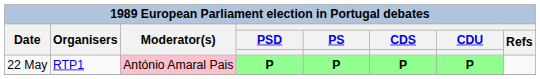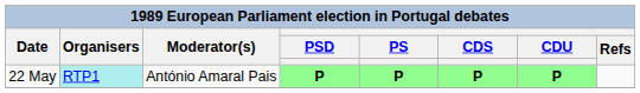 <table class="wikitable" style="font-size:98%; text-align:center;">
 <tr>
 <th style="background:#B0C4DE" colspan="18">1989 European Parliament election in Portugal debates</th>
 </tr>
 <tr>
 <th rowspan="3">Date</th>
 <th rowspan="3">Organisers</th>
 <th rowspan="3">Moderator(s)</th>
 <th colspan="19">      </th>
 </tr>
 <tr>
 <th scope="col" style="width:5em;"><a href='#'>PSD</a><br></th>
 <th scope="col" style="width:5em;"><a href='#'>PS</a><br></th>
 <th scope="col" style="width:5em;"><a href='#'>CDS</a><br></th>
 <th scope="col" style="width:5em;"><a href='#'>CDU</a><br></th>
 <th rowspan="2">Refs</th>
 </tr>
 <tr>
 <th style="color:inherit;background:"></th>
 <th style="color:inherit;background:"></th>
 <th style="color:inherit;background:"></th>
 <th style="color:inherit;background:"></th>
 </tr>
 <tr>
 <td style="white-space:nowrap; text-align:left;">22 May</td>
-<td style="white-space:nowrap; text-align:left;"><a href='#'>RTP1</a></td>
-<td style="background: pink; white-space:nowrap; text-align:left;">António Amaral Pais</td>
+<td style="background: paleturquoise; white-space:nowrap; text-align:left;"><a href='#'>RTP1</a></td>
+<td style="white-space:nowrap; text-align:left;">António Amaral Pais</td>
 <td style="background:#90FF90;"><strong>P</strong></td>
 <td style="background:#90FF90;"><strong>P</strong></td>
 <td style="background:#90FF90;"><strong>P</strong></td>
 <td style="background:#90FF90;"><strong>P</strong></td>
 <td></td>
 </tr>
 <tr>
 </tr>
 </table>
